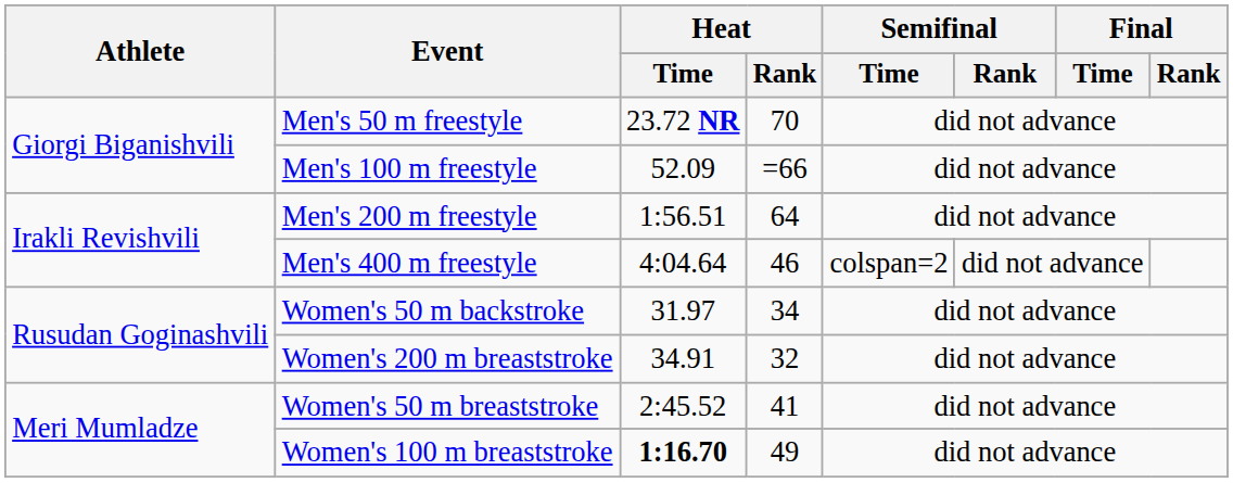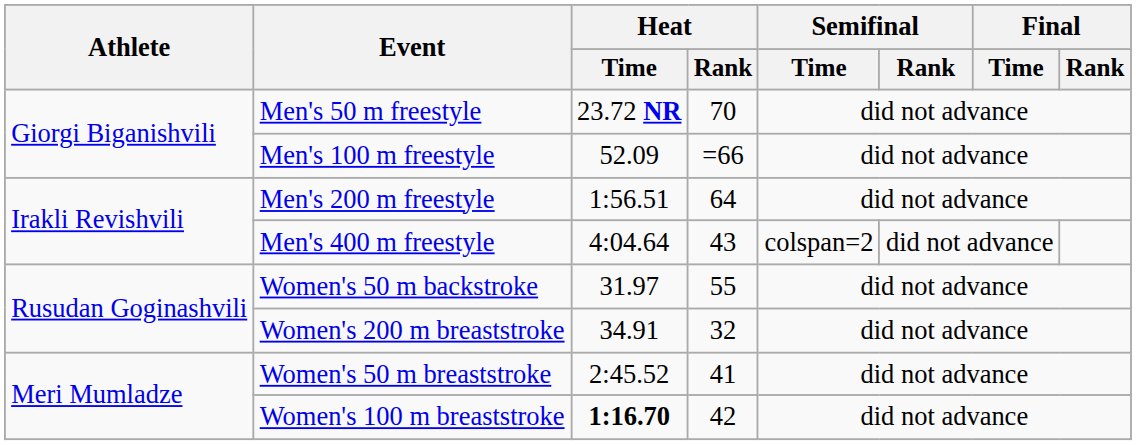 <table class=wikitable style="font-size:90%">
 <tr>
 <th rowspan="2">Athlete</th>
 <th rowspan="2">Event</th>
 <th colspan="2">Heat</th>
 <th colspan="2">Semifinal</th>
 <th colspan="2">Final</th>
 </tr>
 <tr style="font-size:95%">
 <th>Time</th>
 <th>Rank</th>
 <th>Time</th>
 <th>Rank</th>
 <th>Time</th>
 <th>Rank</th>
 </tr>
 <tr align=center>
 <td align=left rowspan=2><a href='#'>Giorgi Biganishvili</a></td>
 <td align=left><a href='#'>Men's 50 m freestyle</a></td>
 <td>23.72 <strong><a href='#'>NR</a></strong></td>
 <td>70</td>
 <td colspan=4>did not advance</td>
 </tr>
 <tr align=center>
 <td align=left><a href='#'>Men's 100 m freestyle</a></td>
 <td>52.09</td>
 <td>=66</td>
 <td colspan=4>did not advance</td>
 </tr>
 <tr align=center>
 <td align=left rowspan=2><a href='#'>Irakli Revishvili</a></td>
 <td align=left><a href='#'>Men's 200 m freestyle</a></td>
 <td>1:56.51</td>
 <td>64</td>
 <td colspan=4>did not advance</td>
 </tr>
 <tr align=center>
 <td align=left><a href='#'>Men's 400 m freestyle</a></td>
 <td>4:04.64</td>
-<td>46</td>
+<td>43</td>
 <td>colspan=2 </td>
 <td colspan=2>did not advance</td>
 </tr>
 <tr align=center>
 <td align=left rowspan=2><a href='#'>Rusudan Goginashvili</a></td>
 <td align=left><a href='#'>Women's 50 m backstroke</a></td>
 <td>31.97</td>
-<td>34</td>
+<td>55</td>
 <td colspan=4>did not advance</td>
 </tr>
 <tr align=center>
 <td align=left><a href='#'>Women's 200 m breaststroke</a></td>
 <td>34.91</td>
 <td>32</td>
 <td colspan=4>did not advance</td>
 </tr>
 <tr align=center>
 <td align=left rowspan=2><a href='#'>Meri Mumladze</a></td>
 <td align=left><a href='#'>Women's 50 m breaststroke</a></td>
 <td>2:45.52</td>
 <td>41</td>
 <td colspan=4>did not advance</td>
 </tr>
 <tr align=center>
 <td align=left><a href='#'>Women's 100 m breaststroke</a></td>
 <td><strong>1:16.70</strong></td>
-<td>49</td>
+<td>42</td>
 <td colspan=4>did not advance</td>
 </tr>
 </table>
